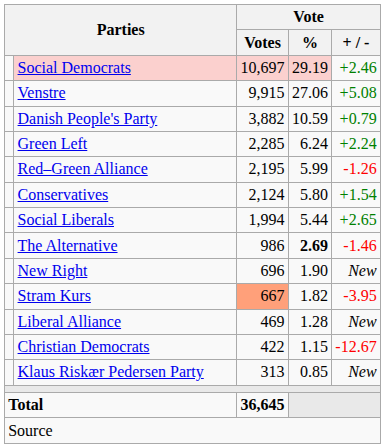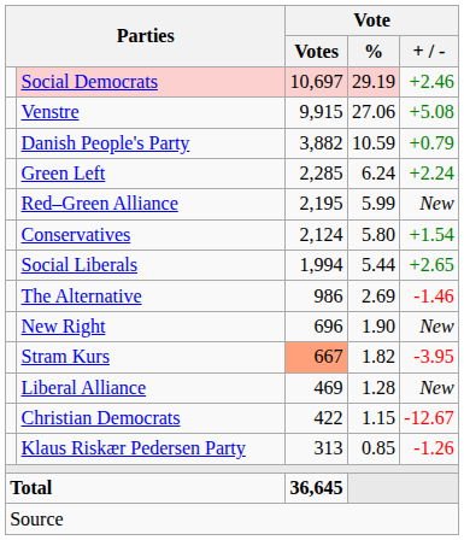 <table class="wikitable" style="text-align:right;">
 <tr>
 <th style="text-align:centre;" rowspan="2" colspan="2" width="225">Parties</th>
 <th colspan="3">Vote</th>
 </tr>
 <tr>
 <th width="15">Votes</th>
 <th width="15">%</th>
 <th width="15">+ / -</th>
 </tr>
 <tr>
 <td width="2" style="color:inherit;background:"></td>
 <td bgcolor=#fbd0ce  align="left"><a href='#'>Social Democrats</a></td>
 <td bgcolor=#fbd0ce>10,697</td>
 <td bgcolor=#fbd0ce>29.19</td>
 <td style=color:green;>+2.46</td>
 </tr>
 <tr>
 <td width="2" style="color:inherit;background:"></td>
 <td align="left"><a href='#'>Venstre</a></td>
 <td>9,915</td>
 <td>27.06</td>
 <td style=color:green;>+5.08</td>
 </tr>
 <tr>
 <td width="2" style="color:inherit;background:"></td>
 <td align="left"><a href='#'>Danish People's Party</a></td>
 <td>3,882</td>
 <td>10.59</td>
 <td style=color:green;>+0.79</td>
 </tr>
 <tr>
 <td width="2" style="color:inherit;background:"></td>
 <td align="left"><a href='#'>Green Left</a></td>
 <td>2,285</td>
 <td>6.24</td>
 <td style=color:green;>+2.24</td>
 </tr>
 <tr>
 <td width="2" style="color:inherit;background:"></td>
 <td align="left"><a href='#'>Red–Green Alliance</a></td>
 <td>2,195</td>
 <td>5.99</td>
-<td style=color:red;>-1.26</td>
+<td><em>New</em></td>
 </tr>
 <tr>
 <td width="2" style="color:inherit;background:"></td>
 <td align="left"><a href='#'>Conservatives</a></td>
 <td>2,124</td>
 <td>5.80</td>
 <td style=color:green;>+1.54</td>
 </tr>
 <tr>
 <td width="2" style="color:inherit;background:"></td>
 <td align="left"><a href='#'>Social Liberals</a></td>
 <td>1,994</td>
 <td>5.44</td>
 <td style=color:green;>+2.65</td>
 </tr>
 <tr>
 <td width="2" style="color:inherit;background:"></td>
 <td align="left"><a href='#'>The Alternative</a></td>
 <td>986</td>
-<td><strong>2.69</strong></td>
+<td>2.69</td>
 <td style=color:red;>-1.46</td>
 </tr>
 <tr>
 <td width="2" style="color:inherit;background:"></td>
 <td align="left"><a href='#'>New Right</a></td>
 <td>696</td>
 <td>1.90</td>
 <td><em>New</em></td>
 </tr>
 <tr>
 <td width="2" style="color:inherit;background:"></td>
 <td align="left"><a href='#'>Stram Kurs</a></td>
 <td style="background: lightsalmon;">667</td>
 <td>1.82</td>
 <td style=color:red;>-3.95</td>
 </tr>
 <tr>
 <td width="2" style="color:inherit;background:"></td>
 <td align="left"><a href='#'>Liberal Alliance</a></td>
 <td>469</td>
 <td>1.28</td>
 <td><em>New</em></td>
 </tr>
 <tr>
 <td width="2" style="color:inherit;background:"></td>
 <td align="left"><a href='#'>Christian Democrats</a></td>
 <td>422</td>
 <td>1.15</td>
 <td style=color:red;>-12.67</td>
 </tr>
 <tr>
 <td width="2" style="color:inherit;background:"></td>
 <td align="left"><a href='#'>Klaus Riskær Pedersen Party</a></td>
 <td>313</td>
 <td>0.85</td>
-<td><em>New</em></td>
+<td style=color:red;>-1.26</td>
 </tr>
 <tr>
 <td colspan="7" bgcolor="#E9E9E9"></td>
 </tr>
 <tr>
 <td align="left" colspan="2"><strong>Total</strong></td>
 <td><strong>36,645</strong></td>
 <td bgcolor="#E9E9E9" colspan="2"></td>
 </tr>
 <tr>
 <td align="left" colspan="6">Source</td>
 </tr>
 </table>
